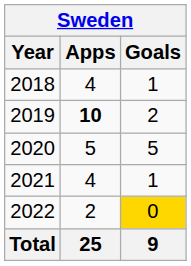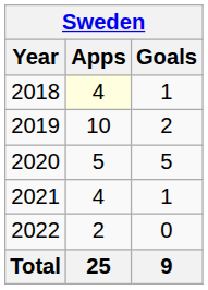 <table class="wikitable" style="text-align:center">
 <tr>
 <th colspan=3><a href='#'>Sweden</a></th>
 </tr>
 <tr>
 <th>Year</th>
 <th>Apps</th>
 <th>Goals</th>
 </tr>
 <tr>
 <td>2018</td>
-<td>4</td>
+<td style="background: lightyellow;">4</td>
 <td>1</td>
 </tr>
 <tr>
 <td>2019</td>
-<td><strong>10</strong></td>
+<td>10</td>
 <td>2</td>
 </tr>
 <tr>
 <td>2020</td>
 <td>5</td>
 <td>5</td>
 </tr>
 <tr>
 <td>2021</td>
 <td>4</td>
 <td>1</td>
 </tr>
 <tr>
 <td>2022</td>
 <td>2</td>
-<td style="background: gold;">0</td>
+<td>0</td>
 </tr>
 <tr>
 <th>Total</th>
 <th>25</th>
 <th>9</th>
 </tr>
 </table>
